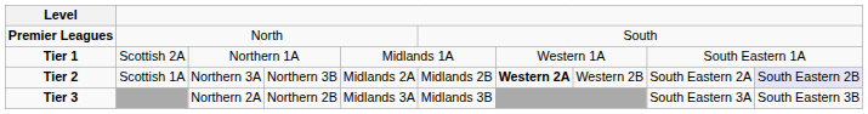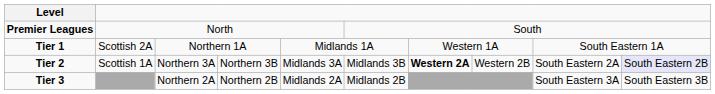 <table class="wikitable" style="text-align: center">
 <tr>
 <th>Level</th>
 </tr>
 <tr>
 <td><strong>Premier Leagues</strong></td>
 <td colspan=4>North</td>
 <td colspan=5>South</td>
 </tr>
 <tr>
 <td><strong>Tier 1</strong></td>
 <td>Scottish 2A</td>
 <td colspan=2>Northern 1A</td>
 <td colspan=2>Midlands 1A</td>
 <td colspan=2>Western 1A</td>
 <td colspan=2>South Eastern 1A</td>
 </tr>
 <tr>
 <td><strong>Tier 2</strong></td>
 <td>Scottish 1A</td>
 <td>Northern 3A</td>
 <td>Northern 3B</td>
-<td>Midlands 2A</td>
-<td>Midlands 2B</td>
+<td>Midlands 3A</td>
+<td>Midlands 3B</td>
 <td><strong>Western 2A</strong></td>
 <td>Western 2B</td>
 <td>South Eastern 2A</td>
 <td style="background: lavender;">South Eastern 2B</td>
 </tr>
 <tr>
 <td><strong>Tier 3</strong></td>
 <td style="background-color:#aaaaaa;"></td>
 <td>Northern 2A</td>
 <td>Northern 2B</td>
-<td>Midlands 3A</td>
-<td>Midlands 3B</td>
+<td>Midlands 2A</td>
+<td>Midlands 2B</td>
 <td colspan=2 style="background-color:#aaaaaa;"></td>
 <td>South Eastern 3A</td>
 <td>South Eastern 3B</td>
 </tr>
 </table>
